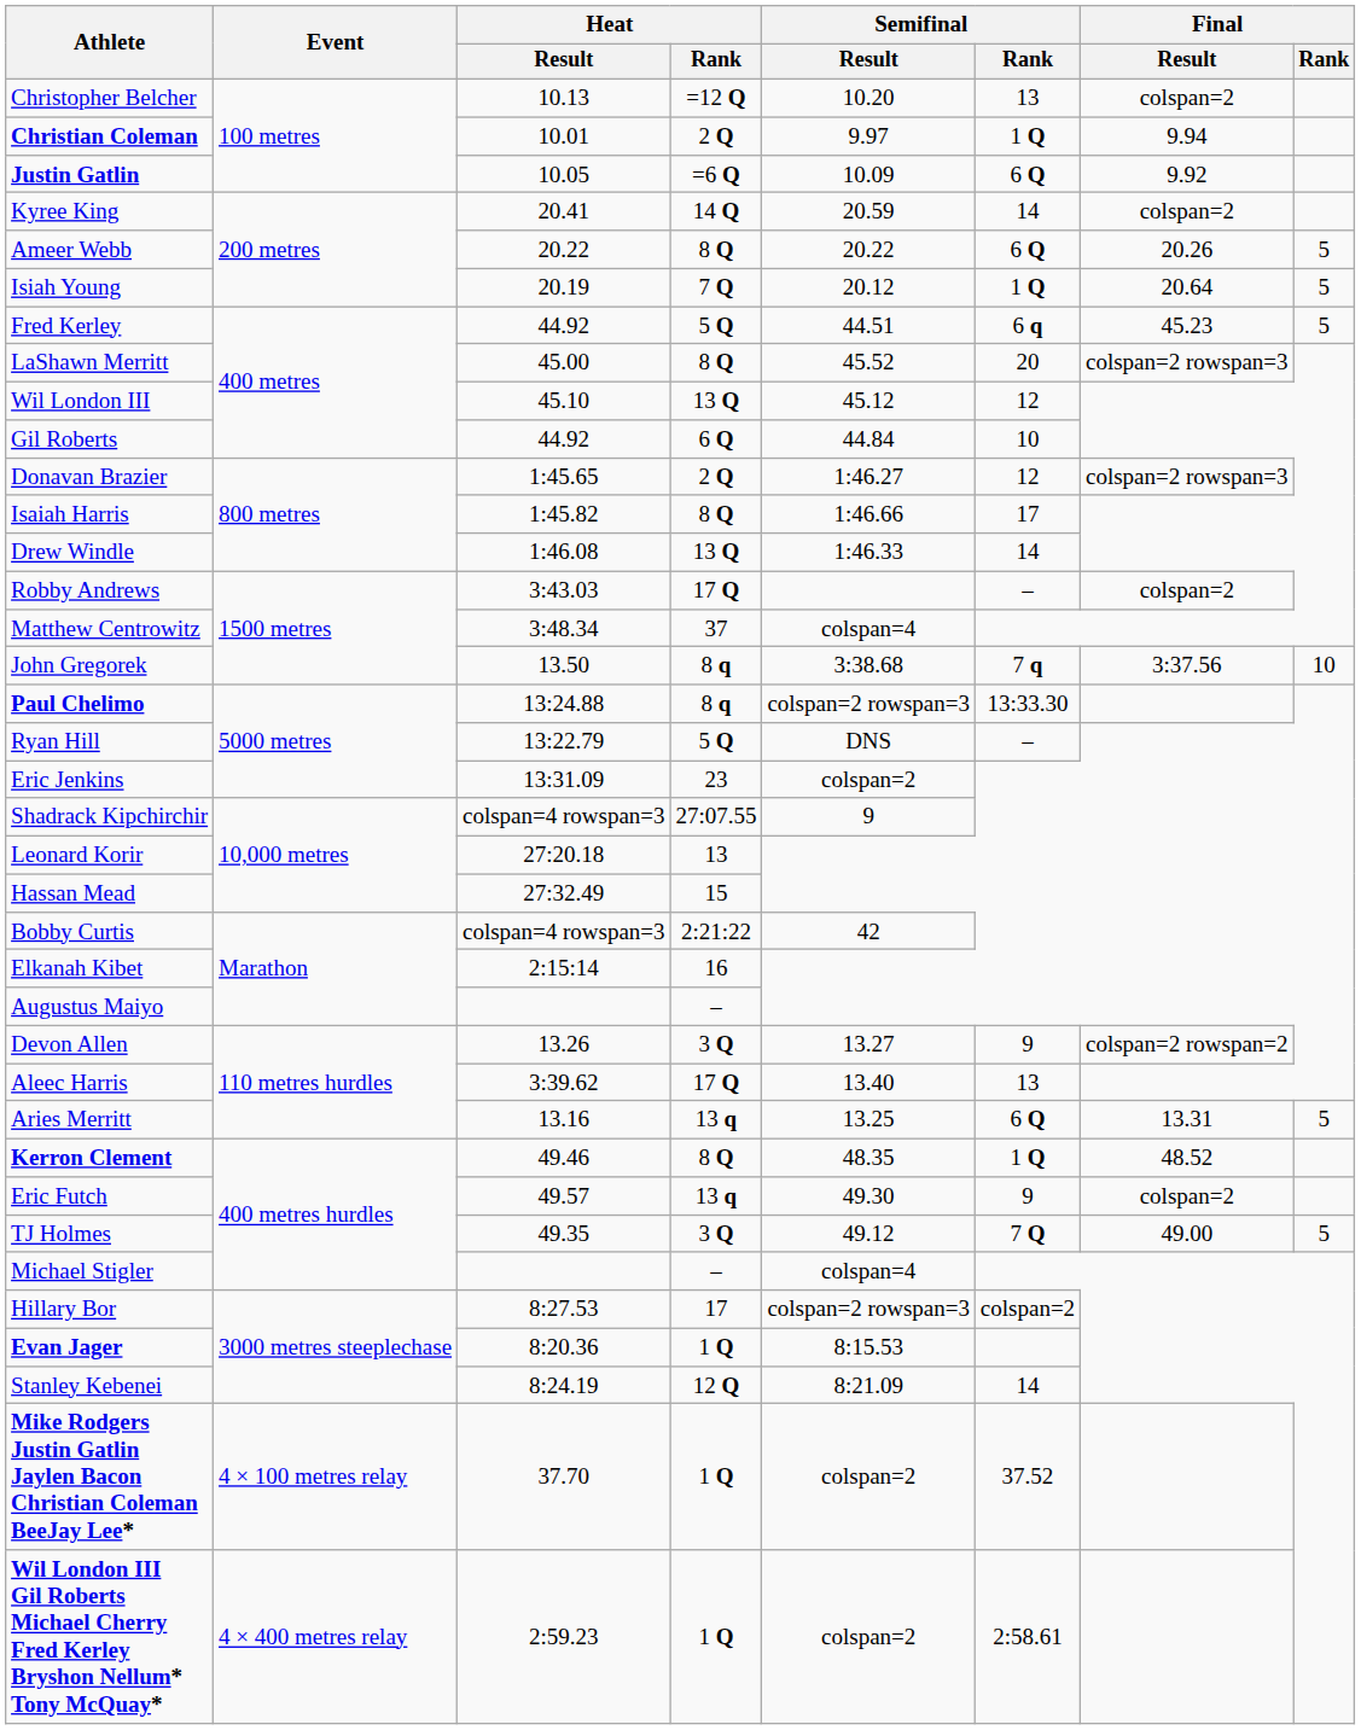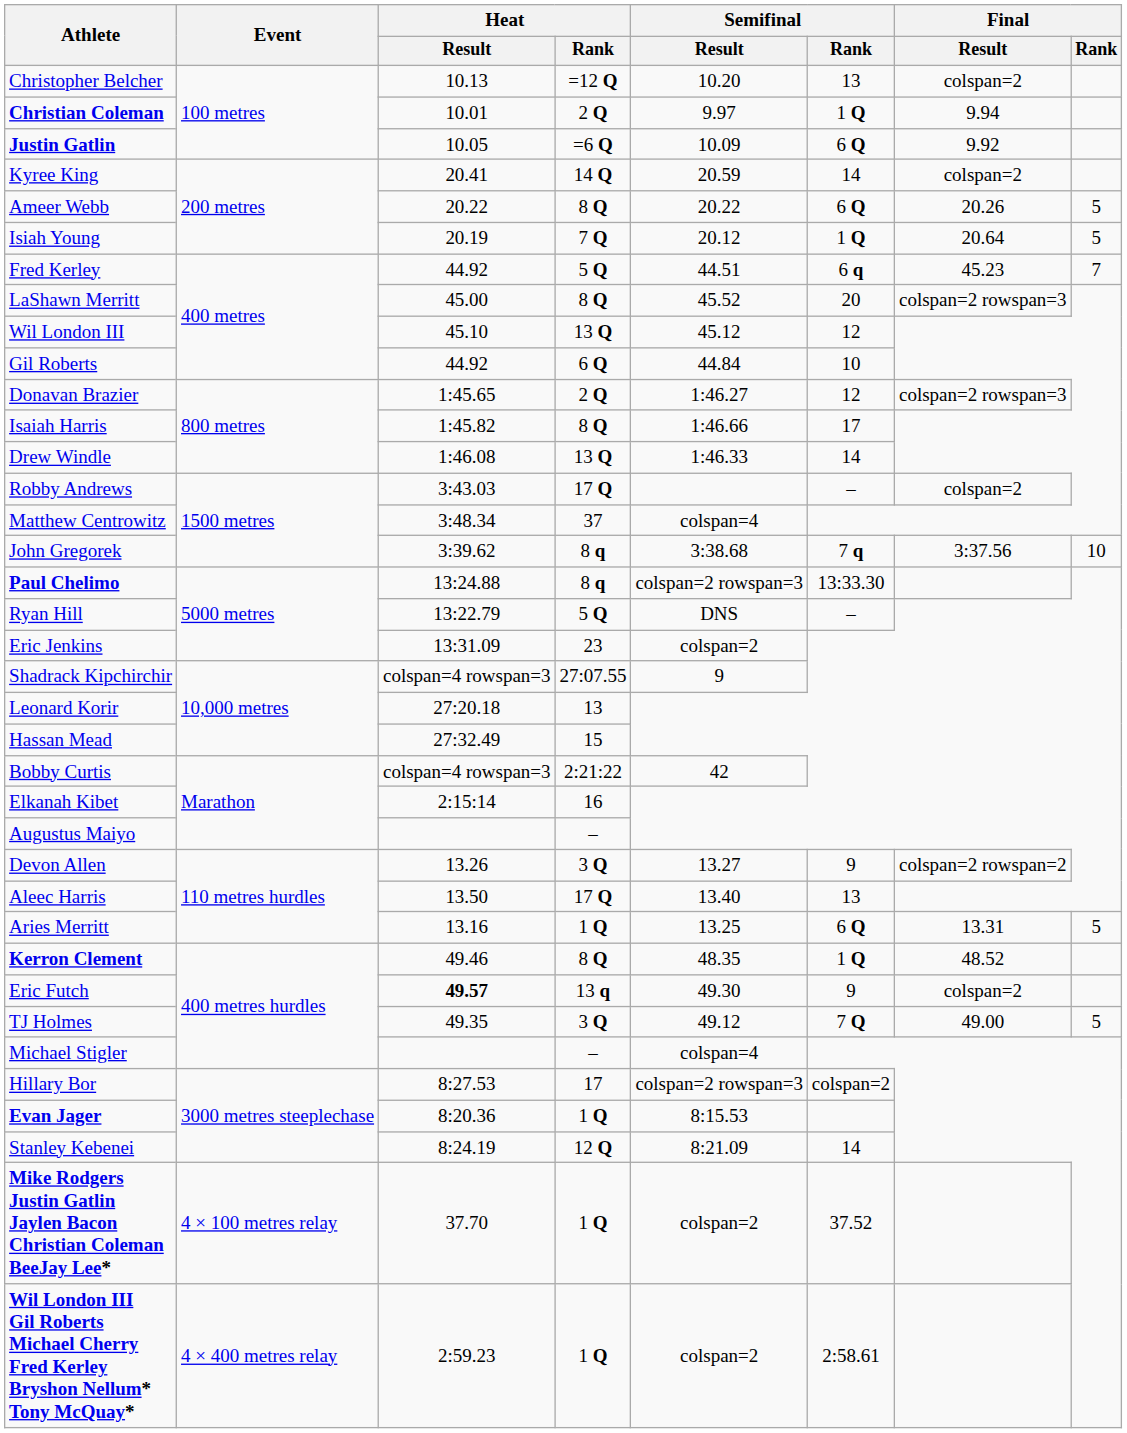 <table class=wikitable style=font-size:90%>
 <tr>
 <th rowspan=2>Athlete</th>
 <th rowspan=2>Event</th>
 <th colspan=2>Heat</th>
 <th colspan=2>Semifinal</th>
 <th colspan=2>Final</th>
 </tr>
 <tr style=font-size:95%>
 <th>Result</th>
 <th>Rank</th>
 <th>Result</th>
 <th>Rank</th>
 <th>Result</th>
 <th>Rank</th>
 </tr>
 <tr align=center>
 <td align=left><a href='#'>Christopher Belcher</a></td>
 <td align=left rowspan=3><a href='#'>100 metres</a></td>
 <td>10.13</td>
 <td>=12 <strong>Q</strong></td>
 <td>10.20</td>
 <td>13</td>
 <td>colspan=2 </td>
 </tr>
 <tr align=center>
 <td align=left><strong><a href='#'>Christian Coleman</a></strong></td>
 <td>10.01</td>
 <td>2 <strong>Q</strong></td>
 <td>9.97</td>
 <td>1 <strong>Q</strong></td>
 <td>9.94</td>
 <td></td>
 </tr>
 <tr align=center>
 <td align=left><strong><a href='#'>Justin Gatlin</a></strong></td>
 <td>10.05</td>
 <td>=6 <strong>Q</strong></td>
 <td>10.09</td>
 <td>6 <strong>Q</strong></td>
 <td>9.92 <strong></strong> <strong></strong></td>
 <td></td>
 </tr>
 <tr align=center>
 <td align=left><a href='#'>Kyree King</a></td>
 <td align=left rowspan=3><a href='#'>200 metres</a></td>
 <td>20.41</td>
 <td>14 <strong>Q</strong></td>
 <td>20.59</td>
 <td>14</td>
 <td>colspan=2 </td>
 </tr>
 <tr align=center>
 <td align=left><a href='#'>Ameer Webb</a></td>
 <td>20.22</td>
 <td>8 <strong>Q</strong></td>
 <td>20.22</td>
 <td>6 <strong>Q</strong></td>
 <td>20.26</td>
 <td>5</td>
 </tr>
 <tr align=center>
 <td align=left><a href='#'>Isiah Young</a></td>
 <td>20.19</td>
 <td>7 <strong>Q</strong></td>
 <td>20.12</td>
 <td>1 <strong>Q</strong></td>
 <td>20.64</td>
 <td>5</td>
 </tr>
 <tr align=center>
 <td align=left><a href='#'>Fred Kerley</a></td>
 <td align=left rowspan=4><a href='#'>400 metres</a></td>
 <td>44.92</td>
 <td>5 <strong>Q</strong></td>
 <td>44.51</td>
 <td>6 <strong>q</strong></td>
 <td>45.23</td>
-<td>5</td>
+<td>7</td>
 </tr>
 <tr align=center>
 <td align=left><a href='#'>LaShawn Merritt</a></td>
 <td>45.00</td>
 <td>8 <strong>Q</strong></td>
 <td>45.52</td>
 <td>20</td>
 <td>colspan=2 rowspan=3 </td>
 </tr>
 <tr align=center>
 <td align=left><a href='#'>Wil London III</a></td>
 <td>45.10</td>
 <td>13 <strong>Q</strong></td>
 <td>45.12</td>
 <td>12</td>
 </tr>
 <tr align=center>
 <td align=left><a href='#'>Gil Roberts</a></td>
 <td>44.92</td>
 <td>6 <strong>Q</strong></td>
 <td>44.84</td>
 <td>10</td>
 </tr>
 <tr align=center>
 <td align=left><a href='#'>Donavan Brazier</a></td>
 <td align=left rowspan=3><a href='#'>800 metres</a></td>
 <td>1:45.65</td>
 <td>2 <strong>Q</strong></td>
 <td>1:46.27</td>
 <td>12</td>
 <td>colspan=2 rowspan=3 </td>
 </tr>
 <tr align=center>
 <td align=left><a href='#'>Isaiah Harris</a></td>
 <td>1:45.82</td>
 <td>8 <strong>Q</strong></td>
 <td>1:46.66</td>
 <td>17</td>
 </tr>
 <tr align=center>
 <td align=left><a href='#'>Drew Windle</a></td>
 <td>1:46.08</td>
 <td>13 <strong>Q</strong></td>
 <td>1:46.33</td>
 <td>14</td>
 </tr>
 <tr align=center>
 <td align=left><a href='#'>Robby Andrews</a></td>
 <td align=left rowspan=3><a href='#'>1500 metres</a></td>
 <td>3:43.03</td>
 <td>17 <strong>Q</strong></td>
 <td></td>
 <td>–</td>
 <td>colspan=2 </td>
 </tr>
 <tr align=center>
 <td align=left><a href='#'>Matthew Centrowitz</a></td>
 <td>3:48.34</td>
 <td>37</td>
 <td>colspan=4 </td>
 </tr>
 <tr align=center>
 <td align=left><a href='#'>John Gregorek</a></td>
-<td>13.50</td>
+<td>3:39.62</td>
 <td>8 <strong>q</strong></td>
 <td>3:38.68</td>
 <td>7 <strong>q</strong></td>
 <td>3:37.56</td>
 <td>10</td>
 </tr>
 <tr align=center>
 <td align=left><strong><a href='#'>Paul Chelimo</a></strong></td>
 <td align=left rowspan=3><a href='#'>5000 metres</a></td>
 <td>13:24.88</td>
 <td>8 <strong>q</strong></td>
 <td>colspan=2 rowspan=3 </td>
 <td>13:33.30</td>
 <td></td>
 </tr>
 <tr align=center>
 <td align=left><a href='#'>Ryan Hill</a></td>
 <td>13:22.79</td>
 <td>5 <strong>Q</strong></td>
 <td>DNS</td>
 <td>–</td>
 </tr>
 <tr align=center>
 <td align=left><a href='#'>Eric Jenkins</a></td>
 <td>13:31.09</td>
 <td>23</td>
 <td>colspan=2 </td>
 </tr>
 <tr align=center>
 <td align=left><a href='#'>Shadrack Kipchirchir</a></td>
 <td align=left rowspan=3><a href='#'>10,000 metres</a></td>
 <td>colspan=4 rowspan=3 </td>
 <td>27:07.55 <strong></strong></td>
 <td>9</td>
 </tr>
 <tr align=center>
 <td align=left><a href='#'>Leonard Korir</a></td>
 <td>27:20.18 <strong></strong></td>
 <td>13</td>
 </tr>
 <tr align=center>
 <td align=left><a href='#'>Hassan Mead</a></td>
 <td>27:32.49 <strong></strong></td>
 <td>15</td>
 </tr>
 <tr align=center>
 <td align=left><a href='#'>Bobby Curtis</a></td>
 <td align=left rowspan=3><a href='#'>Marathon</a></td>
 <td>colspan=4 rowspan=3 </td>
 <td>2:21:22 <strong></strong></td>
 <td>42</td>
 </tr>
 <tr align=center>
 <td align=left><a href='#'>Elkanah Kibet</a></td>
 <td>2:15:14</td>
 <td>16</td>
 </tr>
 <tr align=center>
 <td align=left><a href='#'>Augustus Maiyo</a></td>
 <td></td>
 <td>–</td>
 </tr>
 <tr align=center>
 <td align=left><a href='#'>Devon Allen</a></td>
 <td align=left rowspan=3><a href='#'>110 metres hurdles</a></td>
 <td>13.26</td>
 <td>3 <strong>Q</strong></td>
 <td>13.27</td>
 <td>9</td>
 <td>colspan=2 rowspan=2 </td>
 </tr>
 <tr align=center>
 <td align=left><a href='#'>Aleec Harris</a></td>
-<td>3:39.62</td>
+<td>13.50</td>
 <td>17 <strong>Q</strong></td>
 <td>13.40</td>
 <td>13</td>
 </tr>
 <tr align=center>
 <td align=left><a href='#'>Aries Merritt</a></td>
 <td>13.16</td>
-<td>13 <strong>q</strong></td>
+<td>1 <strong>Q</strong></td>
 <td>13.25</td>
 <td>6 <strong>Q</strong></td>
 <td>13.31</td>
 <td>5</td>
 </tr>
 <tr align=center>
 <td align=left><strong><a href='#'>Kerron Clement</a></strong></td>
 <td align=left rowspan=4><a href='#'>400 metres hurdles</a></td>
 <td>49.46</td>
 <td>8 <strong>Q</strong></td>
 <td>48.35</td>
 <td>1 <strong>Q</strong></td>
 <td>48.52</td>
 <td></td>
 </tr>
 <tr align=center>
 <td align=left><a href='#'>Eric Futch</a></td>
-<td>49.57</td>
+<td><strong>49.57</strong></td>
 <td>13 <strong>q</strong></td>
 <td>49.30</td>
 <td>9</td>
 <td>colspan=2 </td>
 </tr>
 <tr align=center>
 <td align=left><a href='#'>TJ Holmes</a></td>
 <td>49.35</td>
 <td>3 <strong>Q</strong></td>
 <td>49.12</td>
 <td>7 <strong>Q</strong></td>
 <td>49.00</td>
 <td>5</td>
 </tr>
 <tr align=center>
 <td align=left><a href='#'>Michael Stigler</a></td>
 <td></td>
 <td>–</td>
 <td>colspan=4 </td>
 </tr>
 <tr align=center>
 <td align=left><a href='#'>Hillary Bor</a></td>
 <td align=left rowspan=3><a href='#'>3000 metres steeplechase</a></td>
 <td>8:27.53</td>
 <td>17</td>
 <td>colspan=2 rowspan=3 </td>
 <td>colspan=2 </td>
 </tr>
 <tr align=center>
 <td align=left><strong><a href='#'>Evan Jager</a></strong></td>
 <td>8:20.36</td>
 <td>1 <strong>Q</strong></td>
 <td>8:15.53</td>
 <td></td>
 </tr>
 <tr align=center>
 <td align=left><a href='#'>Stanley Kebenei</a></td>
 <td>8:24.19</td>
 <td>12 <strong>Q</strong></td>
 <td>8:21.09</td>
 <td>14</td>
 </tr>
 <tr align=center>
 <td align=left><strong><a href='#'>Mike Rodgers</a><br><a href='#'>Justin Gatlin</a><br><a href='#'>Jaylen Bacon</a><br><a href='#'>Christian Coleman</a><br><a href='#'>BeeJay Lee</a>*</strong></td>
 <td align=left><a href='#'>4 × 100 metres relay</a></td>
 <td>37.70</td>
 <td>1 <strong>Q</strong></td>
 <td>colspan=2 </td>
 <td>37.52</td>
 <td></td>
 </tr>
 <tr align=center>
 <td align=left><strong><a href='#'>Wil London III</a><br><a href='#'>Gil Roberts</a><br><a href='#'>Michael Cherry</a><br><a href='#'>Fred Kerley</a><br><a href='#'>Bryshon Nellum</a>*<br><a href='#'>Tony McQuay</a>*</strong></td>
 <td align=left><a href='#'>4 × 400 metres relay</a></td>
 <td>2:59.23</td>
 <td>1 <strong>Q</strong></td>
 <td>colspan=2 </td>
 <td>2:58.61</td>
 <td></td>
 </tr>
 </table>
